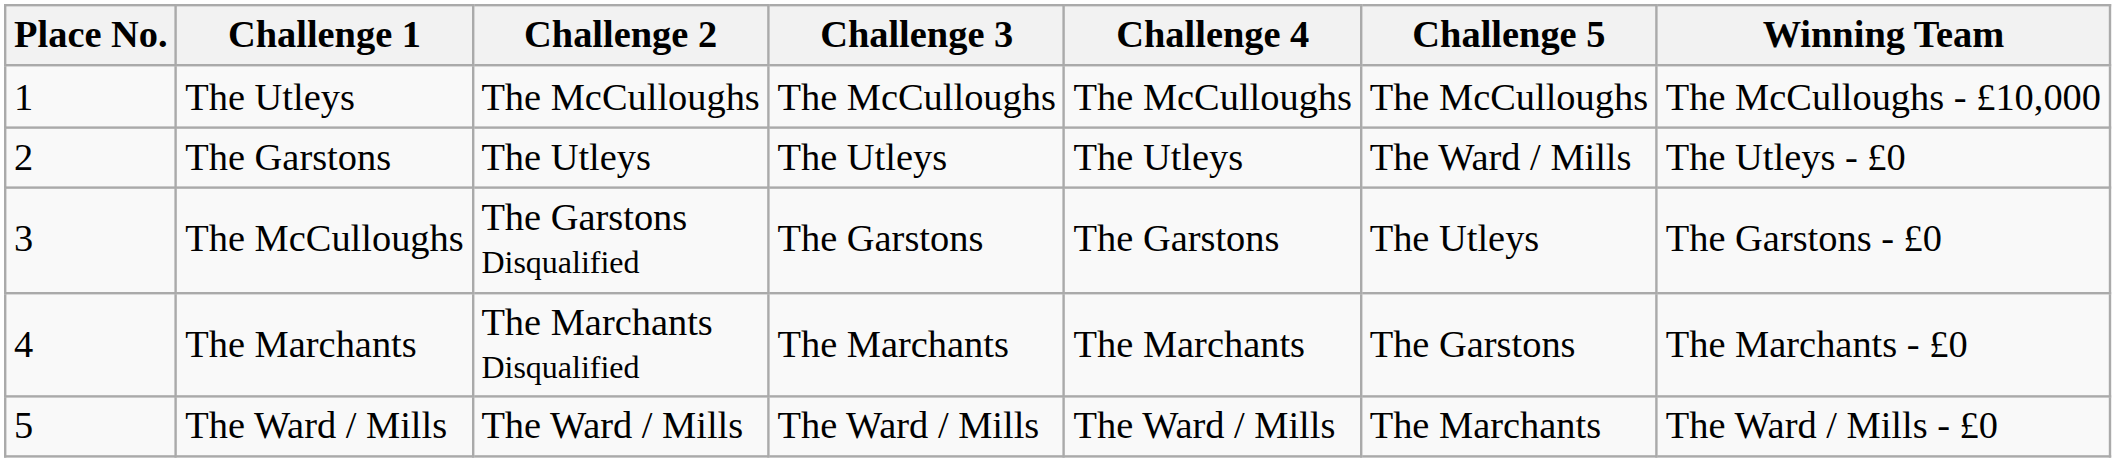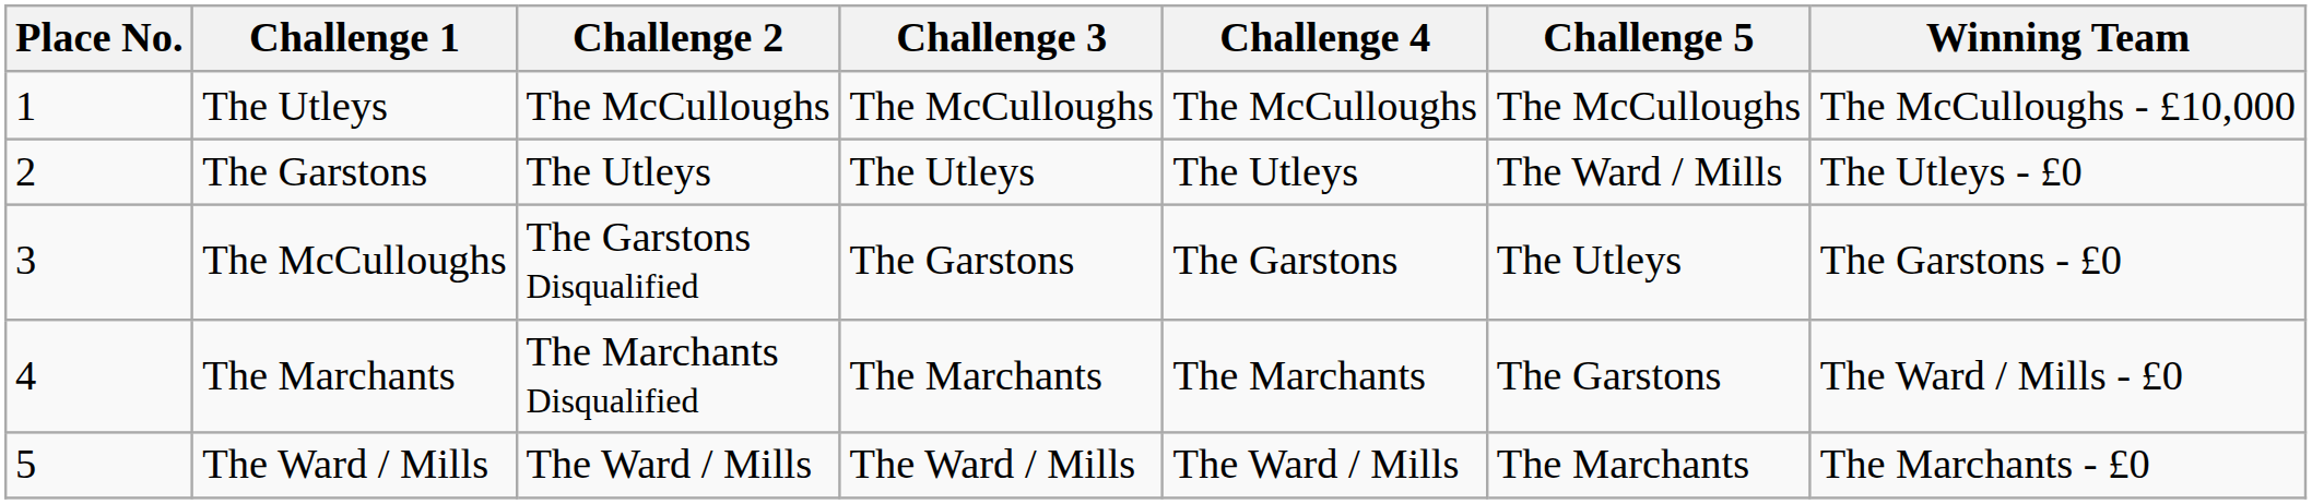 <table class="wikitable">
 <tr>
 <th>Place No.</th>
 <th>Challenge 1</th>
 <th>Challenge 2</th>
 <th>Challenge 3</th>
 <th>Challenge 4</th>
 <th>Challenge 5</th>
 <th>Winning Team</th>
 </tr>
 <tr>
 <td>1</td>
 <td>The Utleys</td>
 <td>The McCulloughs</td>
 <td>The McCulloughs</td>
 <td>The McCulloughs</td>
 <td>The McCulloughs</td>
 <td>The McCulloughs - £10,000</td>
 </tr>
 <tr>
 <td>2</td>
 <td>The Garstons</td>
 <td>The Utleys</td>
 <td>The Utleys</td>
 <td>The Utleys</td>
 <td>The Ward / Mills</td>
 <td>The Utleys - £0</td>
 </tr>
 <tr>
 <td>3</td>
 <td>The McCulloughs</td>
 <td>The Garstons<br><small>Disqualified</small></td>
 <td>The Garstons</td>
 <td>The Garstons</td>
 <td>The Utleys</td>
 <td>The Garstons - £0</td>
 </tr>
 <tr>
 <td>4</td>
 <td>The Marchants</td>
 <td>The Marchants<br><small>Disqualified</small></td>
 <td>The Marchants</td>
 <td>The Marchants</td>
 <td>The Garstons</td>
-<td>The Marchants - £0</td>
+<td>The Ward / Mills - £0</td>
 </tr>
 <tr>
 <td>5</td>
 <td>The Ward / Mills</td>
 <td>The Ward / Mills</td>
 <td>The Ward / Mills</td>
 <td>The Ward / Mills</td>
 <td>The Marchants</td>
-<td>The Ward / Mills - £0</td>
+<td>The Marchants - £0</td>
 </tr>
 </table>
